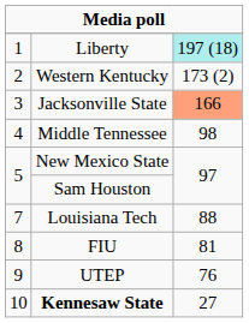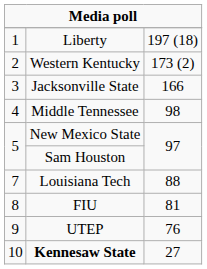 <table class="wikitable">
 <tr align="center">
 <td align="center" Colspan="3"><strong>Media poll</strong></td>
 </tr>
 <tr align="center">
 </tr>
 <tr align="center">
 <td>1</td>
 <td>Liberty</td>
-<td style="background: paleturquoise;">197 (18)</td>
+<td>197 (18)</td>
 </tr>
 <tr align="center">
 <td>2</td>
 <td>Western Kentucky</td>
 <td>173 (2)</td>
 </tr>
 <tr align="center">
 <td>3</td>
 <td>Jacksonville State</td>
-<td style="background: lightsalmon;">166</td>
+<td>166</td>
 </tr>
 <tr align="center">
 <td>4</td>
 <td>Middle Tennessee</td>
 <td>98</td>
 </tr>
 <tr align="center">
 <td rowspan="2">5</td>
 <td>New Mexico State</td>
 <td rowspan="2">97</td>
 </tr>
 <tr align="center">
 <td>Sam Houston</td>
 </tr>
 <tr align="center">
 <td>7</td>
 <td>Louisiana Tech</td>
 <td>88</td>
 </tr>
 <tr align="center">
 <td>8</td>
 <td>FIU</td>
 <td>81</td>
 </tr>
 <tr align="center">
 <td>9</td>
 <td>UTEP</td>
 <td>76</td>
 </tr>
 <tr align="center">
 <td>10</td>
 <td><strong>Kennesaw State</strong></td>
 <td>27</td>
 </tr>
 </table>
